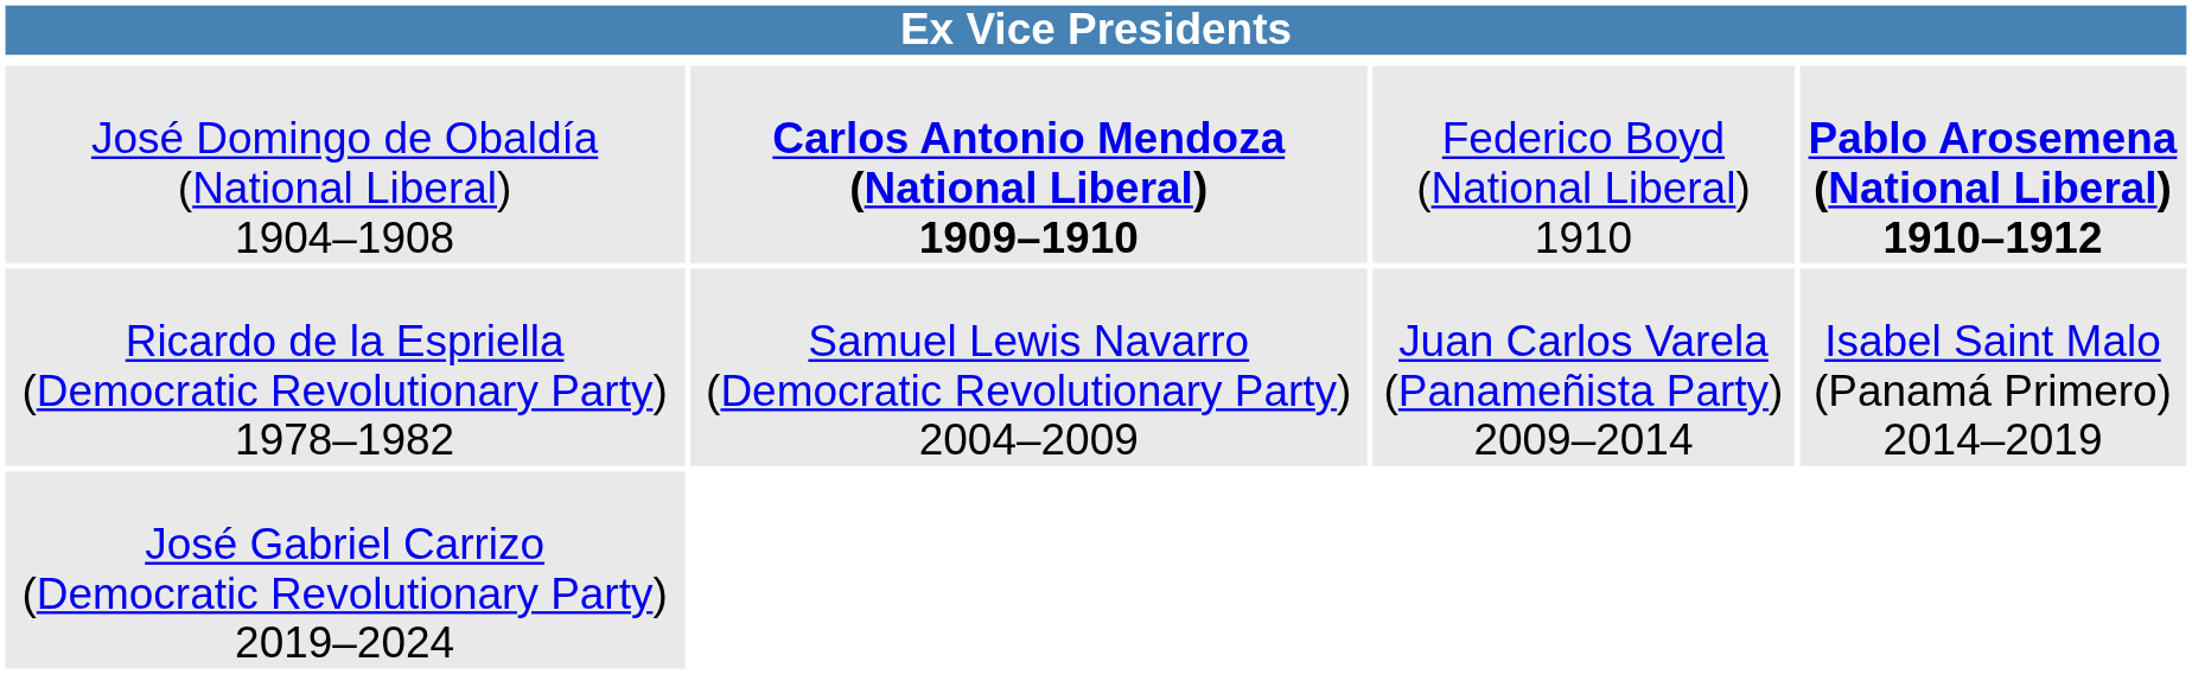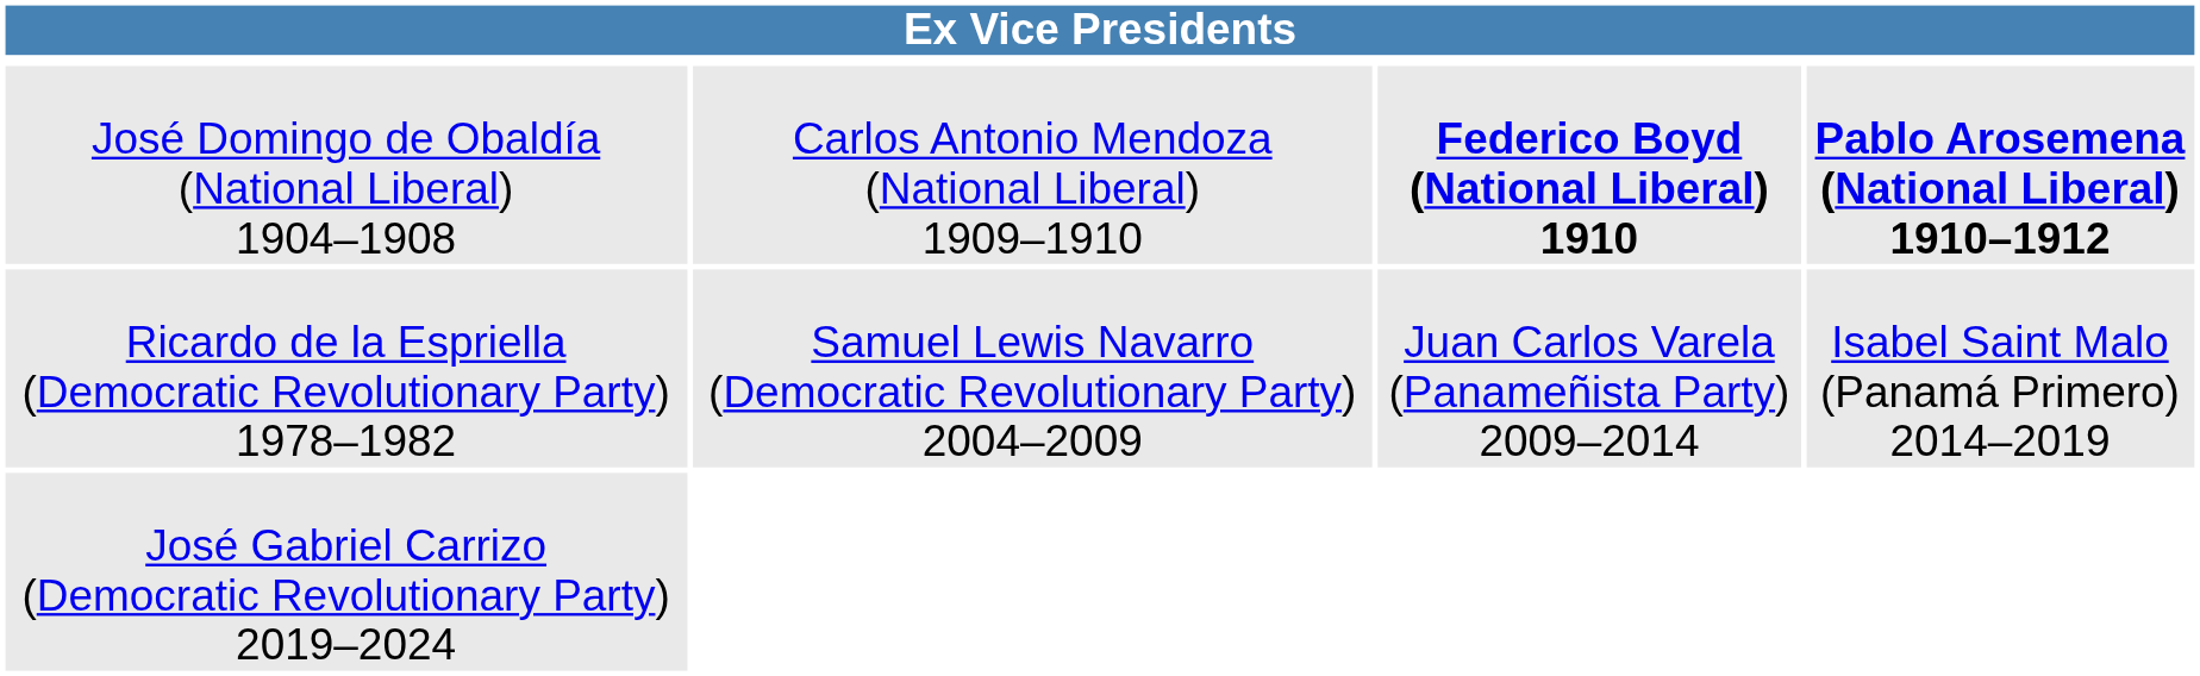 <table class="toc" cellpadding=0 cellspacing=2 width=800px style="float:center; margin: 0.5em 0.5em 0.5em 1em; padding: 0.5e">
 <tr>
 <td colspan=9 style="background:#green; color:white; font-size:100%" align=center bgcolor="#4682B4"><strong>Ex Vice Presidents</strong></td>
 </tr>
 <tr>
 <td align=center valign=center bgcolor="white"></td>
 </tr>
 <tr>
 <td style="background:#e9e9e9;" align=center><br><a href='#'>José Domingo de Obaldía</a><br>(<a href='#'>National Liberal</a>) <br>1904–1908</td>
-<td style="background:#e9e9e9;" align=center><strong><br><a href='#'>Carlos Antonio Mendoza</a><br>(<a href='#'>National Liberal</a>) <br>1909–1910</strong></td>
-<td style="background:#e9e9e9;" align=center><br><a href='#'>Federico Boyd</a><br>(<a href='#'>National Liberal</a>) <br>1910</td>
+<td style="background:#e9e9e9;" align=center><br><a href='#'>Carlos Antonio Mendoza</a><br>(<a href='#'>National Liberal</a>) <br>1909–1910</td>
+<td style="background:#e9e9e9;" align=center><strong><br><a href='#'>Federico Boyd</a><br>(<a href='#'>National Liberal</a>) <br>1910</strong></td>
 <td style="background:#e9e9e9;" align=center><strong><br><a href='#'>Pablo Arosemena</a><br>(<a href='#'>National Liberal</a>) <br>1910–1912</strong></td>
 </tr>
 <tr>
 <td style="background:#e9e9e9;" align=center><br><a href='#'>Ricardo de la Espriella</a><br>(<a href='#'>Democratic Revolutionary Party</a>) <br>1978–1982</td>
 <td style="background:#e9e9e9;" align=center><br><a href='#'>Samuel Lewis Navarro</a> <br>(<a href='#'>Democratic Revolutionary Party</a>) <br>2004–2009</td>
 <td style="background:#e9e9e9;" align=center><br><a href='#'>Juan Carlos Varela</a> <br>(<a href='#'>Panameñista Party</a>) <br>2009–2014</td>
 <td style="background:#e9e9e9;" align=center><br><a href='#'>Isabel Saint Malo</a> <br>(Panamá Primero) <br>2014–2019</td>
 </tr>
 <tr>
 <td style="background:#e9e9e9;" align=center><br><a href='#'>José Gabriel Carrizo</a> <br>(<a href='#'>Democratic Revolutionary Party</a>) <br>2019–2024</td>
 </tr>
 </table>
